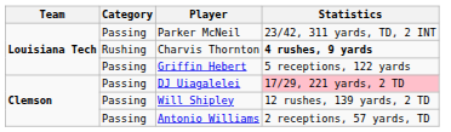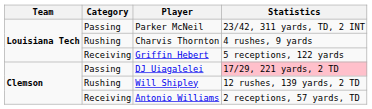 <table class="wikitable" style="float: left;">
 <tr>
 <th>Team</th>
 <th>Category</th>
 <th>Player</th>
 <th>Statistics</th>
 </tr>
 <tr>
 <td rowspan=3><strong>Louisiana Tech</strong></td>
 <td>Passing</td>
 <td>Parker McNeil</td>
 <td>23/42, 311 yards, TD, 2 INT</td>
 </tr>
 <tr>
 <td>Rushing</td>
 <td>Charvis Thornton</td>
-<td><strong>4 rushes, 9 yards</strong></td>
+<td>4 rushes, 9 yards</td>
 </tr>
 <tr>
-<td>Passing</td>
+<td>Receiving</td>
 <td><a href='#'>Griffin Hebert</a></td>
 <td>5 receptions, 122 yards</td>
 </tr>
 <tr>
 <td rowspan=3><strong>Clemson</strong></td>
 <td>Passing</td>
 <td><a href='#'>DJ Uiagalelei</a></td>
 <td style="background: pink;">17/29, 221 yards, 2 TD</td>
 </tr>
 <tr>
-<td>Passing</td>
+<td>Rushing</td>
 <td><a href='#'>Will Shipley</a></td>
 <td>12 rushes, 139 yards, 2 TD</td>
 </tr>
 <tr>
-<td>Passing</td>
+<td>Receiving</td>
 <td><a href='#'>Antonio Williams</a></td>
 <td>2 receptions, 57 yards, TD</td>
 </tr>
 </table>
